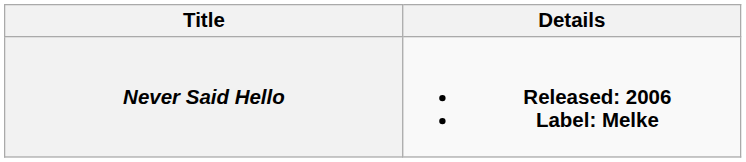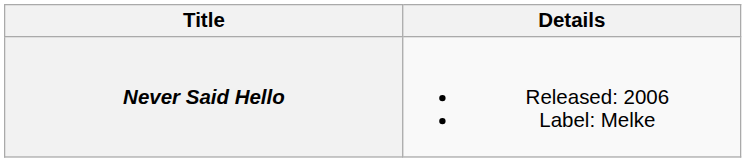 <table class="wikitable plainrowheaders" style="text-align:center;" border="1">
 <tr>
 <th scope="col" style="width:19em;">Title</th>
 <th scope="col" style="width:16em;">Details</th>
 </tr>
 <tr>
 <th scope="row"><em>Never Said Hello</em></th>
-<td><strong><br><ul><li>Released: 2006</li><li>Label: Melke</li></ul></strong></td>
+<td><br><ul><li>Released: 2006</li><li>Label: Melke</li></ul></td>
 </tr>
 </table>
